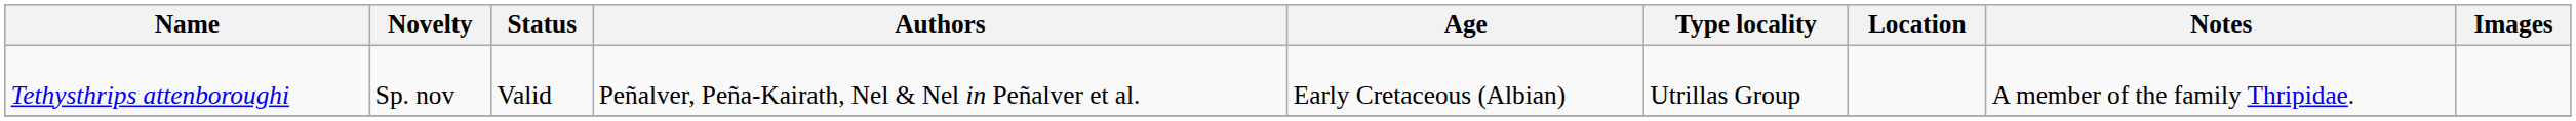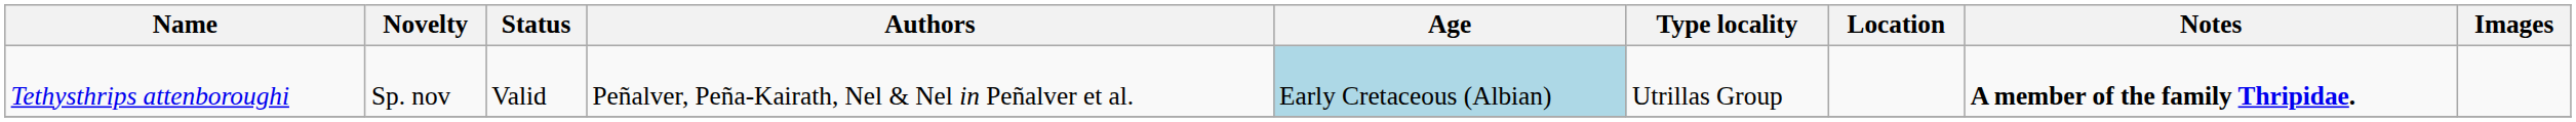 <table class="wikitable sortable" align="center" width="100%">
 <tr>
 <th>Name</th>
 <th>Novelty</th>
 <th>Status</th>
 <th>Authors</th>
 <th>Age</th>
 <th>Type locality</th>
 <th>Location</th>
 <th>Notes</th>
 <th>Images</th>
 </tr>
 <tr>
 <td><br><em><a href='#'>Tethysthrips attenboroughi</a></em></td>
 <td><br>Sp. nov</td>
 <td><br>Valid</td>
 <td><br>Peñalver, Peña-Kairath, Nel & Nel <em>in</em> Peñalver et al.</td>
-<td><br>Early Cretaceous (Albian)</td>
+<td style="background: lightblue;"><br>Early Cretaceous (Albian)</td>
 <td><br>Utrillas Group</td>
 <td><br></td>
-<td><br>A member of the family <a href='#'>Thripidae</a>.</td>
+<td><strong><br>A member of the family <a href='#'>Thripidae</a>.</strong></td>
 <td></td>
 </tr>
 <tr>
 </tr>
 </table>
